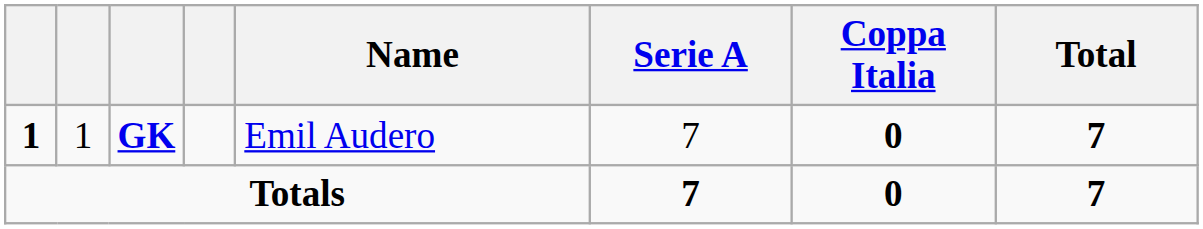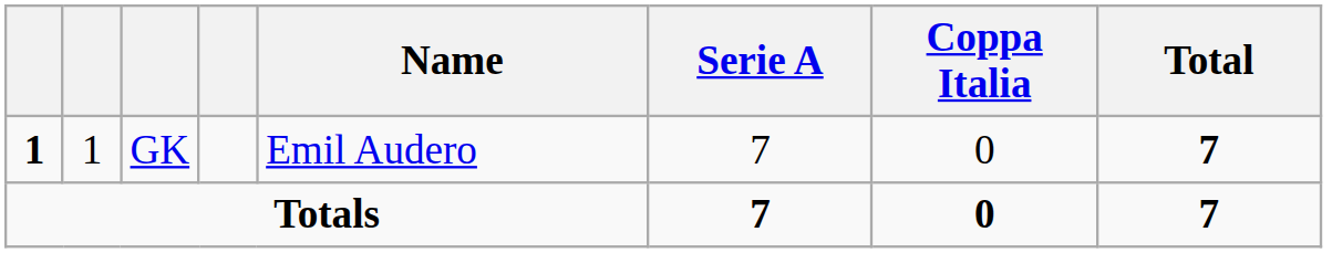 <table class="wikitable" style="text-align:center">
 <tr>
 <th width=15></th>
 <th width=15></th>
 <th width=15></th>
 <th width=15></th>
 <th width=145>Name</th>
 <th width=80><strong><a href='#'>Serie A</a></strong></th>
 <th width=80><strong><a href='#'>Coppa Italia</a></strong></th>
 <th width=80>Total</th>
 </tr>
 <tr>
 <td><strong>1</strong></td>
 <td>1</td>
-<td><strong><a href='#'>GK</a></strong></td>
+<td><a href='#'>GK</a></td>
 <td></td>
 <td align=left><a href='#'>Emil Audero</a></td>
 <td>7</td>
-<td><strong>0</strong></td>
+<td>0</td>
 <td><strong>7</strong></td>
 </tr>
 <tr>
 <td colspan=5><strong>Totals</strong></td>
 <td><strong>7</strong></td>
 <td><strong>0</strong></td>
 <td><strong>7</strong></td>
 </tr>
 </table>
